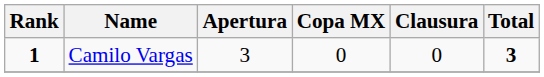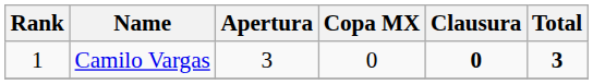 <table class="wikitable" style="text-align: center">
 <tr>
 <th>Rank</th>
 <th>Name</th>
 <th>Apertura</th>
 <th>Copa MX</th>
 <th>Clausura</th>
 <th>Total</th>
 </tr>
 <tr>
-<td><strong>1</strong></td>
+<td>1</td>
 <td align=left> <a href='#'>Camilo Vargas</a></td>
 <td>3</td>
 <td>0</td>
-<td>0</td>
+<td><strong>0</strong></td>
 <td><strong>3</strong></td>
 </tr>
 <tr>
 </tr>
 </table>
